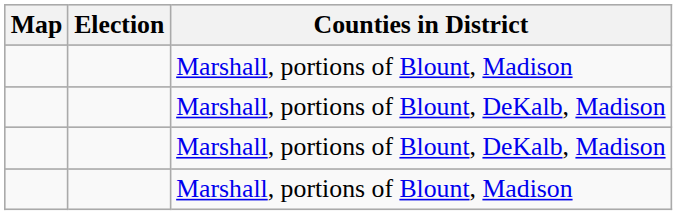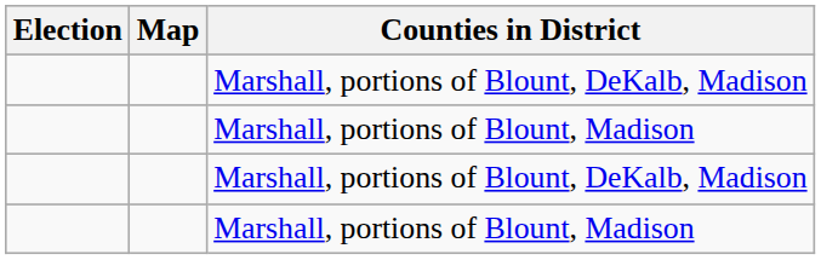 <table class="wikitable">
 <tr>
+<th>Election</th>
 <th>Map</th>
-<th>Election</th>
 <th>Counties in District</th>
+</tr>
+<tr>
+<td></td>
+<td></td>
+<td><a href='#'>Marshall</a>, portions of <a href='#'>Blount</a>, <a href='#'>DeKalb</a>, <a href='#'>Madison</a></td>
 </tr>
 <tr>
 <td></td>
 <td></td>
 <td><a href='#'>Marshall</a>, portions of <a href='#'>Blount</a>, <a href='#'>Madison</a></td>
 </tr>
 <tr>
 <td></td>
 <td></td>
 <td><a href='#'>Marshall</a>, portions of <a href='#'>Blount</a>, <a href='#'>DeKalb</a>, <a href='#'>Madison</a></td>
 </tr>
 <tr>
 <td></td>
 <td></td>
-<td><a href='#'>Marshall</a>, portions of <a href='#'>Blount</a>, <a href='#'>DeKalb</a>, <a href='#'>Madison</a></td>
-</tr>
-<tr>
-<td></td>
-<td></td>
 <td><a href='#'>Marshall</a>, portions of <a href='#'>Blount</a>, <a href='#'>Madison</a></td>
 </tr>
 </table>
